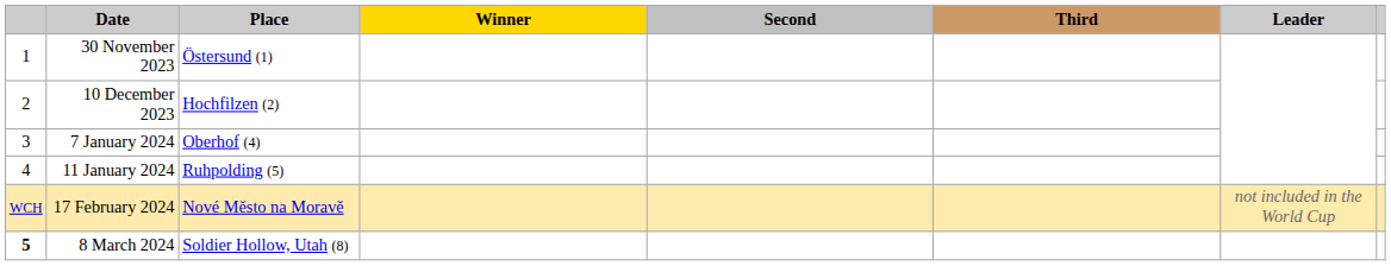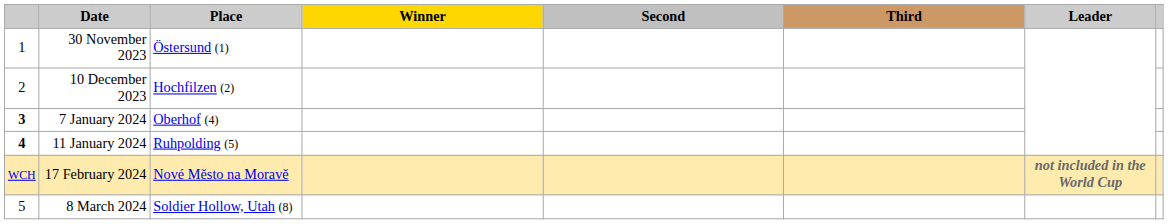 <table class="wikitable plainrowheaders" style="background:#fff; font-size:86%; line-height:16px; border:grey solid 1px; border-collapse:collapse;">
 <tr>
 <th scope="col" style="background:#ccc; width=5 px;"></th>
 <th scope="col" style="background:#ccc; width:100px;">Date</th>
 <th scope="col" style="background:#ccc; width:140px;">Place <br> </th>
 <th scope="col" style="background:gold; width:225px;">Winner</th>
 <th scope="col" style="background:silver; width:225px;">Second</th>
 <th scope="col" style="background:#c96; width:225px;">Third</th>
 <th scope="col" style="background:#ccc; width:120px;">Leader <br> </th>
 <th scope="col" style="background:#ccc; width=5 px;"></th>
 </tr>
 <tr>
 <td align="center">1</td>
 <td align="right">30 November 2023</td>
 <td> <a href='#'>Östersund</a> <small>(1)</small></td>
 <td></td>
 <td></td>
 <td></td>
 <td rowspan=4></td>
 <td></td>
 </tr>
 <tr>
 <td align="center">2</td>
 <td align="right">10 December 2023</td>
 <td> <a href='#'>Hochfilzen</a> <small>(2)</small></td>
 <td></td>
 <td></td>
 <td></td>
 <td></td>
 </tr>
 <tr>
-<td align="center">3</td>
+<td align="center"><strong>3</strong></td>
 <td align="right">7 January 2024</td>
 <td> <a href='#'>Oberhof</a> <small>(4)</small></td>
 <td></td>
 <td></td>
 <td></td>
 <td></td>
 </tr>
 <tr>
-<td align="center">4</td>
+<td align="center"><strong>4</strong></td>
 <td align="right">11 January 2024</td>
 <td> <a href='#'>Ruhpolding</a> <small>(5)</small></td>
 <td></td>
 <td></td>
 <td></td>
 <td></td>
 </tr>
 <tr style="background:#FFEBAD">
 <td align="center"><small><a href='#'>WCH</a></small></td>
 <td align="right">17 February 2024</td>
 <td> <a href='#'>Nové Město na Moravě</a></td>
 <td></td>
 <td></td>
 <td></td>
-<td align="center" style=color:#696969><em>not included in the World Cup</em></td>
+<td align="center" style=color:#696969><strong><em>not included in the World Cup</em></strong></td>
 <td></td>
 </tr>
 <tr>
-<td align="center"><strong>5</strong></td>
+<td align="center">5</td>
 <td align="right">8 March 2024</td>
 <td> <a href='#'>Soldier Hollow, Utah</a> <small>(8)</small></td>
 <td></td>
 <td></td>
 <td></td>
 <td></td>
 <td></td>
 </tr>
 </table>
